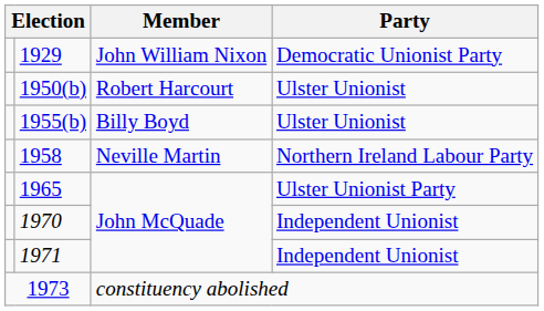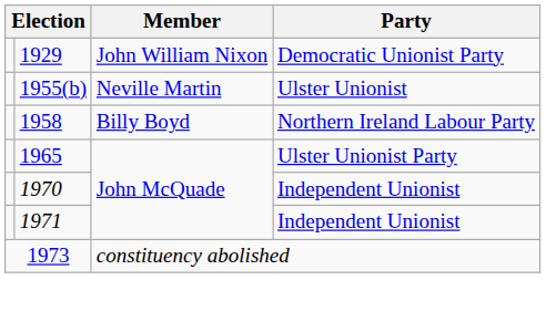 <table class="wikitable">
 <tr>
 <th colspan="2">Election</th>
 <th>Member</th>
 <th>Party</th>
 </tr>
 <tr>
 <td style="background-color: "></td>
 <td><a href='#'>1929</a></td>
 <td><a href='#'>John William Nixon</a></td>
 <td><a href='#'>Democratic Unionist Party</a></td>
 </tr>
 <tr>
 <td style="background-color: "></td>
-<td><a href='#'>1950(b)</a></td>
-<td><a href='#'>Robert Harcourt</a></td>
-<td><a href='#'>Ulster Unionist</a></td>
-</tr>
-<tr>
-<td style="background-color: "></td>
 <td><a href='#'>1955(b)</a></td>
-<td><a href='#'>Billy Boyd</a></td>
+<td><a href='#'>Neville Martin</a></td>
 <td><a href='#'>Ulster Unionist</a></td>
 </tr>
 <tr>
 <td style="background-color: "></td>
 <td><a href='#'>1958</a></td>
-<td><a href='#'>Neville Martin</a></td>
+<td><a href='#'>Billy Boyd</a></td>
 <td><a href='#'>Northern Ireland Labour Party</a></td>
 </tr>
 <tr>
 <td style="background-color: "></td>
 <td><a href='#'>1965</a></td>
 <td rowspan=3><a href='#'>John McQuade</a></td>
 <td><a href='#'>Ulster Unionist Party</a></td>
 </tr>
 <tr>
 <td style="background-color: "></td>
 <td><em>1970</em></td>
 <td><a href='#'>Independent Unionist</a></td>
 </tr>
 <tr>
 <td style="background-color: "></td>
 <td><em>1971</em></td>
 <td><a href='#'>Independent Unionist</a></td>
 </tr>
 <tr>
 <td colspan="2" align="center"><a href='#'>1973</a></td>
 <td colspan="2"><em>constituency abolished</em></td>
 </tr>
 </table>
